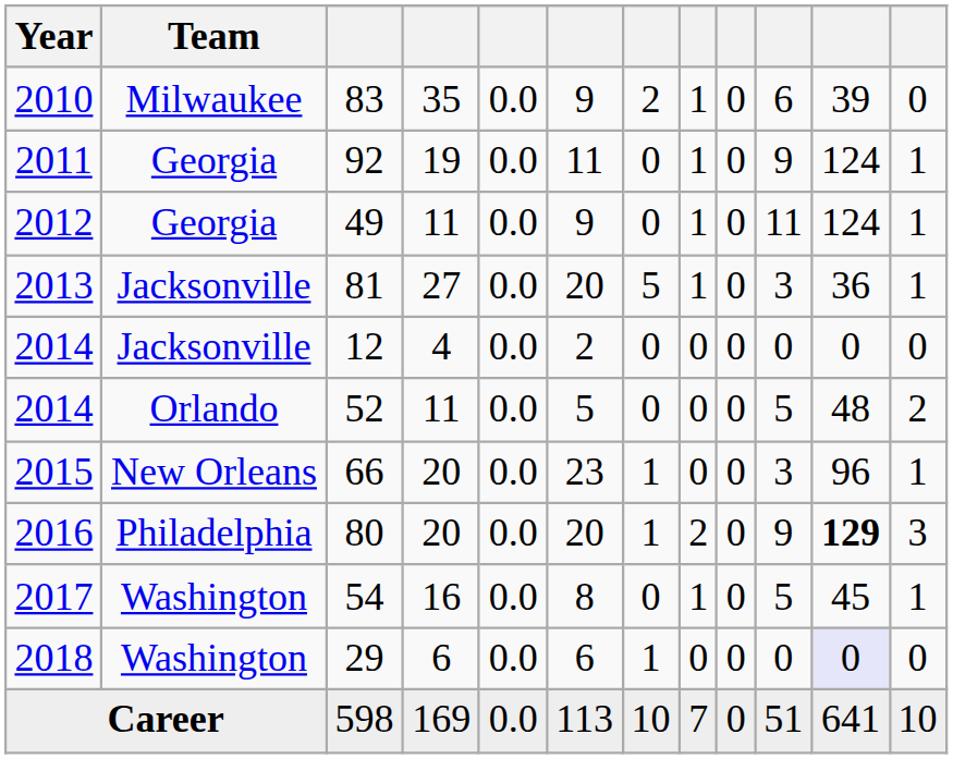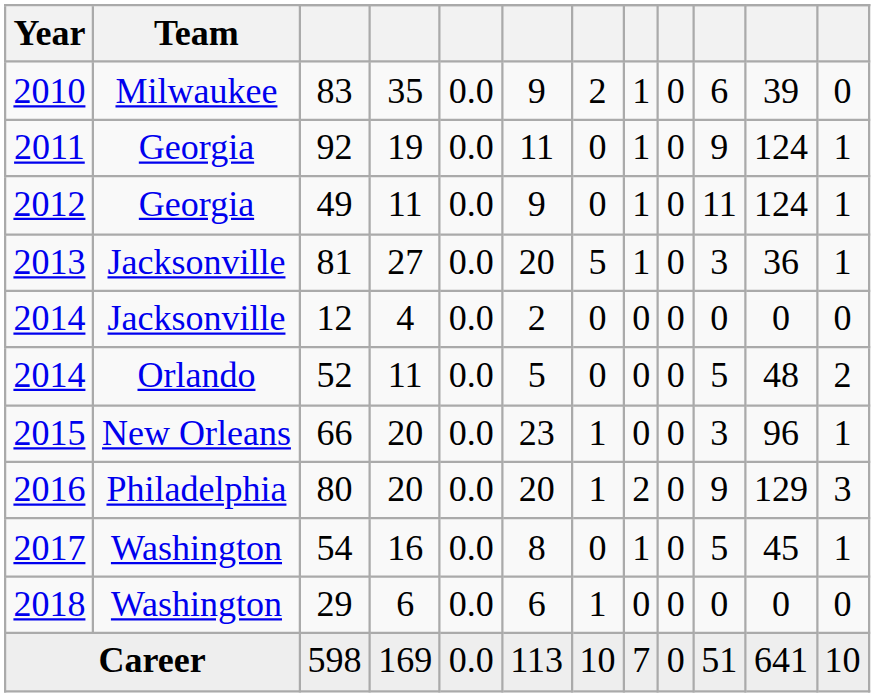 <table class="wikitable sortable" style="text-align:center">
 <tr>
 <th rowspan=2>Year</th>
 <th rowspan=2>Team</th>
 </tr>
 <tr>
 <th></th>
 <th></th>
 <th></th>
 <th></th>
 <th></th>
 <th></th>
 <th></th>
 <th></th>
 <th></th>
 <th></th>
 </tr>
 <tr>
 <td><a href='#'>2010</a></td>
 <td><a href='#'>Milwaukee</a></td>
 <td>83</td>
 <td>35</td>
 <td>0.0</td>
 <td>9</td>
 <td>2</td>
 <td>1</td>
 <td>0</td>
 <td>6</td>
 <td>39</td>
 <td>0</td>
 </tr>
 <tr>
 <td><a href='#'>2011</a></td>
 <td><a href='#'>Georgia</a></td>
 <td>92</td>
 <td>19</td>
 <td>0.0</td>
 <td>11</td>
 <td>0</td>
 <td>1</td>
 <td>0</td>
 <td>9</td>
 <td>124</td>
 <td>1</td>
 </tr>
 <tr>
 <td><a href='#'>2012</a></td>
 <td><a href='#'>Georgia</a></td>
 <td>49</td>
 <td>11</td>
 <td>0.0</td>
 <td>9</td>
 <td>0</td>
 <td>1</td>
 <td>0</td>
 <td>11</td>
 <td>124</td>
 <td>1</td>
 </tr>
 <tr>
 <td><a href='#'>2013</a></td>
 <td><a href='#'>Jacksonville</a></td>
 <td>81</td>
 <td>27</td>
 <td>0.0</td>
 <td>20</td>
 <td>5</td>
 <td>1</td>
 <td>0</td>
 <td>3</td>
 <td>36</td>
 <td>1</td>
 </tr>
 <tr>
 <td><a href='#'>2014</a></td>
 <td><a href='#'>Jacksonville</a></td>
 <td>12</td>
 <td>4</td>
 <td>0.0</td>
 <td>2</td>
 <td>0</td>
 <td>0</td>
 <td>0</td>
 <td>0</td>
 <td>0</td>
 <td>0</td>
 </tr>
 <tr>
 <td><a href='#'>2014</a></td>
 <td><a href='#'>Orlando</a></td>
 <td>52</td>
 <td>11</td>
 <td>0.0</td>
 <td>5</td>
 <td>0</td>
 <td>0</td>
 <td>0</td>
 <td>5</td>
 <td>48</td>
 <td>2</td>
 </tr>
 <tr>
 <td><a href='#'>2015</a></td>
 <td><a href='#'>New Orleans</a></td>
 <td>66</td>
 <td>20</td>
 <td>0.0</td>
 <td>23</td>
 <td>1</td>
 <td>0</td>
 <td>0</td>
 <td>3</td>
 <td>96</td>
 <td>1</td>
 </tr>
 <tr>
 <td><a href='#'>2016</a></td>
 <td><a href='#'>Philadelphia</a></td>
 <td>80</td>
 <td>20</td>
 <td>0.0</td>
 <td>20</td>
 <td>1</td>
 <td>2</td>
 <td>0</td>
 <td>9</td>
-<td><strong>129</strong></td>
+<td>129</td>
 <td>3</td>
 </tr>
 <tr>
 <td><a href='#'>2017</a></td>
 <td><a href='#'>Washington</a></td>
 <td>54</td>
 <td>16</td>
 <td>0.0</td>
 <td>8</td>
 <td>0</td>
 <td>1</td>
 <td>0</td>
 <td>5</td>
 <td>45</td>
 <td>1</td>
 </tr>
 <tr>
 <td><a href='#'>2018</a></td>
 <td><a href='#'>Washington</a></td>
 <td>29</td>
 <td>6</td>
 <td>0.0</td>
 <td>6</td>
 <td>1</td>
 <td>0</td>
 <td>0</td>
 <td>0</td>
-<td style="background: lavender;">0</td>
+<td>0</td>
 <td>0</td>
 </tr>
 <tr class="sortbottom" style="background:#eee;">
 <td colspan=2><strong>Career</strong></td>
 <td>598</td>
 <td>169</td>
 <td>0.0</td>
 <td>113</td>
 <td>10</td>
 <td>7</td>
 <td>0</td>
 <td>51</td>
 <td>641</td>
 <td>10</td>
 </tr>
 </table>
